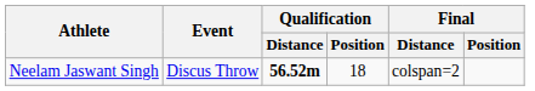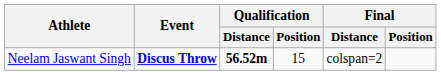 <table class=wikitable style="font-size:90%">
 <tr>
 <th rowspan="2">Athlete</th>
 <th rowspan="2">Event</th>
 <th colspan="2">Qualification</th>
 <th colspan="2">Final</th>
 </tr>
 <tr style="font-size:95%">
 <th>Distance</th>
 <th>Position</th>
 <th>Distance</th>
 <th>Position</th>
 </tr>
 <tr style=text-align:center>
 <td style=text-align:left><a href='#'>Neelam Jaswant Singh</a></td>
-<td style="text-align:left"><a href='#'>Discus Throw</a></td>
+<td style="text-align:left"><strong><a href='#'>Discus Throw</a></strong></td>
 <td><strong>56.52m</strong></td>
-<td>18</td>
+<td>15</td>
 <td>colspan=2 </td>
 </tr>
 </table>
